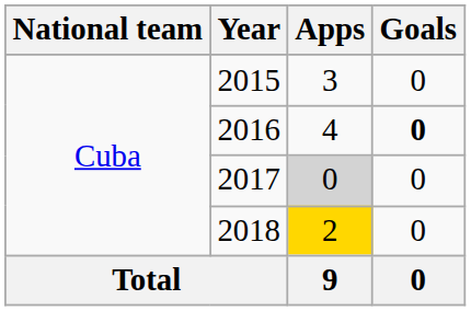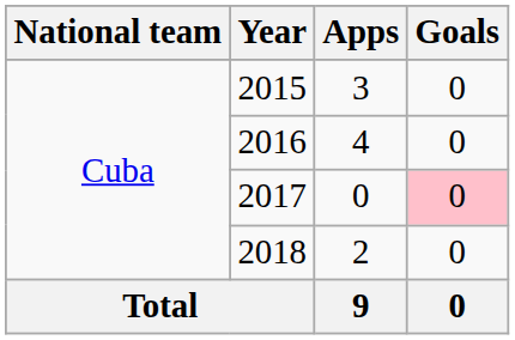 <table class="wikitable" style="text-align:center">
 <tr>
 <th>National team</th>
 <th>Year</th>
 <th>Apps</th>
 <th>Goals</th>
 </tr>
 <tr>
 <td rowspan="4"><a href='#'>Cuba</a></td>
 <td>2015</td>
 <td>3</td>
 <td>0</td>
 </tr>
 <tr>
 <td>2016</td>
 <td>4</td>
-<td><strong>0</strong></td>
+<td>0</td>
 </tr>
 <tr>
 <td>2017</td>
-<td style="background: lightgrey;">0</td>
 <td>0</td>
+<td style="background: pink;">0</td>
 </tr>
 <tr>
 <td>2018</td>
-<td style="background: gold;">2</td>
+<td>2</td>
 <td>0</td>
 </tr>
 <tr>
 <th colspan=2>Total</th>
 <th>9</th>
 <th>0</th>
 </tr>
 </table>
